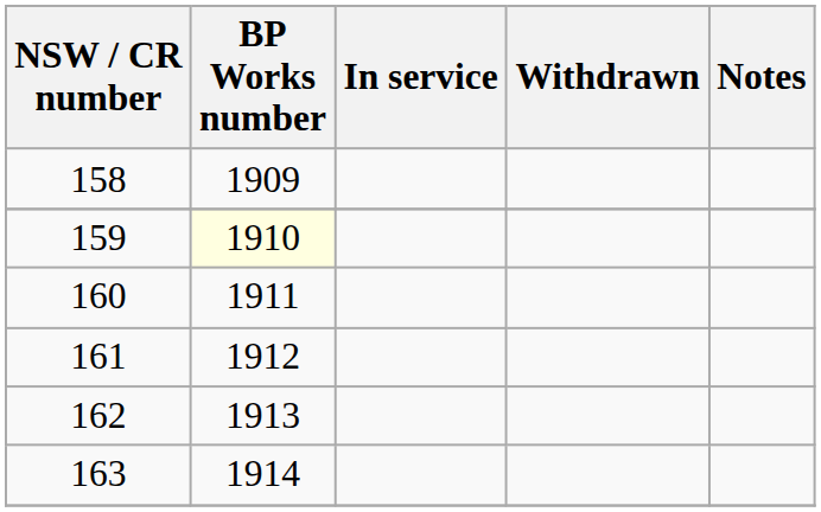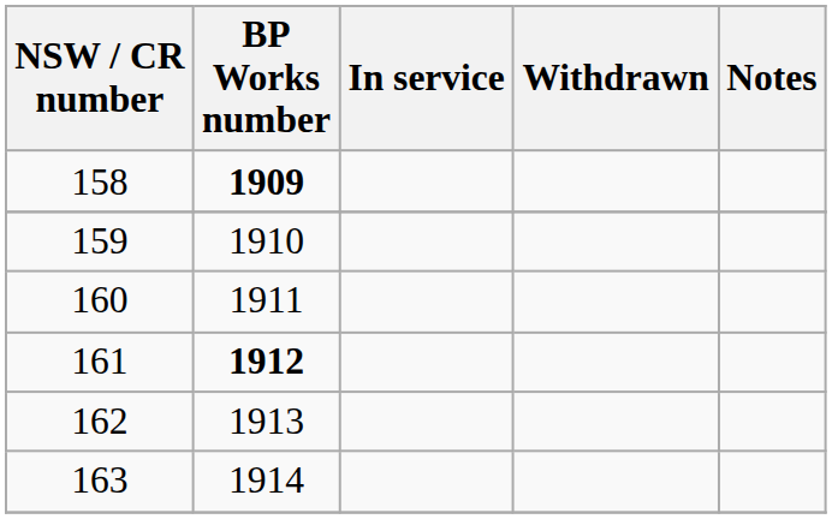 <table class="wikitable sortable">
 <tr>
 <th>NSW / CR<br>number</th>
 <th>BP<br>Works<br>number</th>
 <th>In service</th>
 <th>Withdrawn</th>
 <th>Notes</th>
 </tr>
 <tr>
 <td align="center">158</td>
-<td align="center">1909</td>
+<td align="center"><strong>1909</strong></td>
 <td></td>
 <td></td>
 <td></td>
 </tr>
 <tr>
 </tr>
 <tr>
 <td align="center">159</td>
-<td align="center" style="background: lightyellow;">1910</td>
+<td align="center">1910</td>
 <td></td>
 <td></td>
 <td></td>
 </tr>
 <tr>
 <td align="center">160</td>
 <td align="center">1911</td>
 <td></td>
 <td></td>
 <td></td>
 </tr>
 <tr>
 <td align="center">161</td>
-<td align="center">1912</td>
+<td align="center"><strong>1912</strong></td>
 <td></td>
 <td></td>
 <td></td>
 </tr>
 <tr>
 <td align="center">162</td>
 <td align="center">1913</td>
 <td></td>
 <td></td>
 <td></td>
 </tr>
 <tr>
 <td align="center">163</td>
 <td align="center">1914</td>
 <td></td>
 <td></td>
 <td></td>
 </tr>
 <tr>
 </tr>
 </table>
